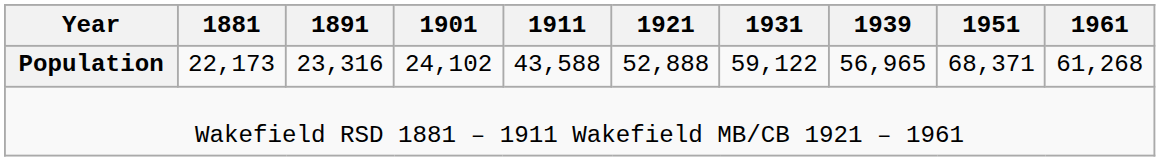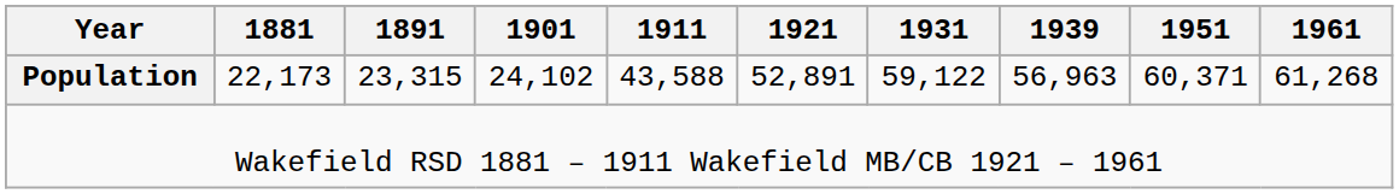 <table class="wikitable" style="width:70%; border:0; text-align:center; line-height:120%;">
 <tr>
 <th>Year</th>
 <th>1881</th>
 <th>1891</th>
 <th>1901</th>
 <th>1911</th>
 <th>1921</th>
 <th>1931</th>
 <th>1939</th>
 <th>1951</th>
 <th>1961</th>
 </tr>
 <tr style="text-align:center;">
 <th>Population</th>
 <td>22,173</td>
-<td>23,316</td>
+<td>23,315</td>
 <td>24,102</td>
 <td>43,588</td>
-<td>52,888</td>
+<td>52,891</td>
 <td>59,122</td>
-<td>56,965</td>
-<td>68,371</td>
+<td>56,963</td>
+<td>60,371</td>
 <td>61,268</td>
 </tr>
 <tr>
 <td colspan="12" style="text-align:center;"><br>Wakefield RSD 1881 – 1911 Wakefield MB/CB 1921 – 1961</td>
 </tr>
 </table>
